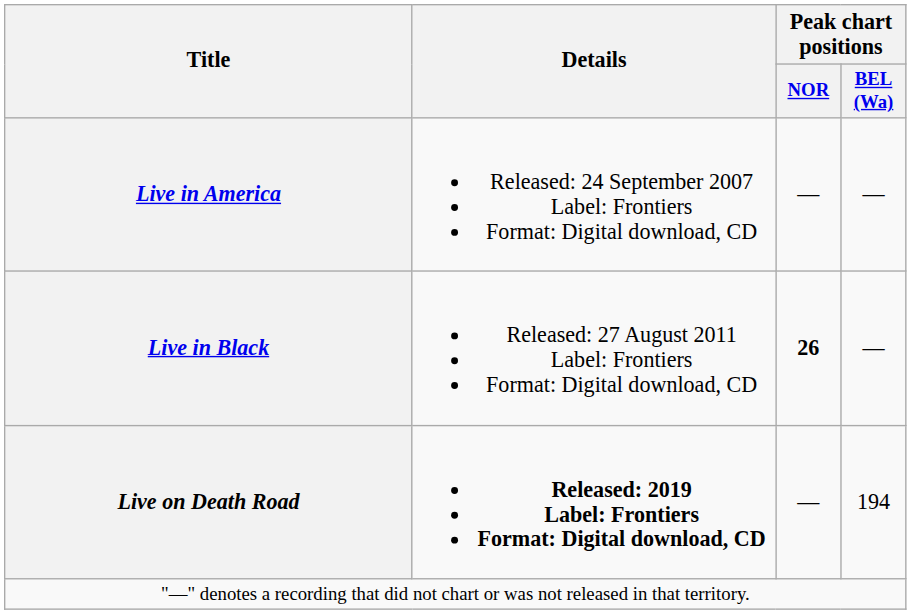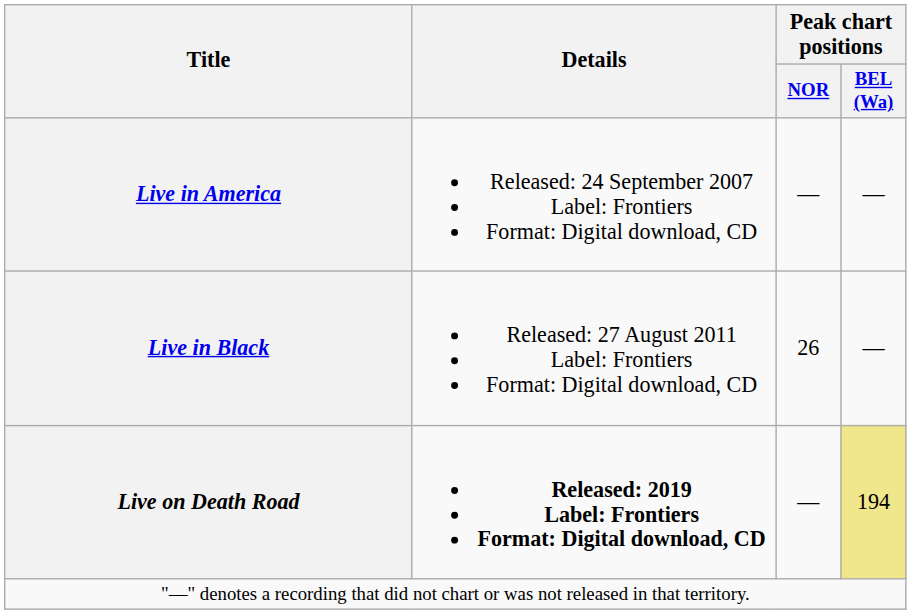 <table class="wikitable plainrowheaders" style="text-align:center;" border="1">
 <tr>
 <th scope="col" rowspan="2" style="width:18em;">Title</th>
 <th scope="col" rowspan="2" style="width:16em;">Details</th>
 <th scope="col" colspan="2">Peak chart positions</th>
 </tr>
 <tr>
 <th scope="col" style="width:3em;font-size:85%;"><a href='#'>NOR</a><br></th>
 <th scope="col" style="width:3em;font-size:85%;"><a href='#'>BEL<br>(Wa)</a><br></th>
 </tr>
 <tr>
 <th scope="row"><em><a href='#'>Live in America</a></em></th>
 <td><br><ul><li>Released: 24 September 2007</li><li>Label: Frontiers</li><li>Format: Digital download, CD</li></ul></td>
 <td>—</td>
 <td>—</td>
 </tr>
 <tr>
 <th scope="row"><em><a href='#'>Live in Black</a></em></th>
 <td><br><ul><li>Released: 27 August 2011</li><li>Label: Frontiers</li><li>Format: Digital download, CD</li></ul></td>
-<td><strong>26</strong></td>
+<td>26</td>
 <td>—</td>
 </tr>
 <tr>
 <th scope="row"><em>Live on Death Road</em></th>
 <td><strong><br><ul><li>Released: 2019</li><li>Label: Frontiers</li><li>Format: Digital download, CD</li></ul></strong></td>
 <td>—</td>
-<td>194</td>
+<td style="background: khaki;">194</td>
 </tr>
 <tr>
 <td colspan="10" style="font-size:85%">"—" denotes a recording that did not chart or was not released in that territory.</td>
 </tr>
 </table>
